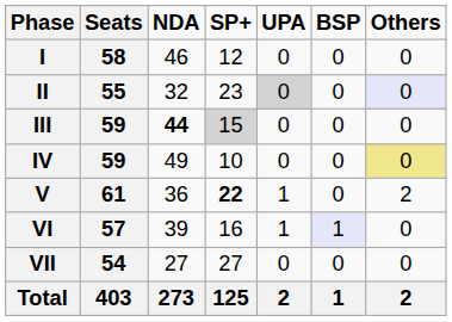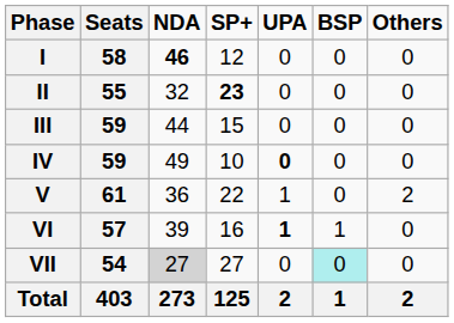 <table class="wikitable sortable" style="text-align:center">
 <tr>
 <th>Phase</th>
 <th>Seats</th>
 <td style="text-align:center; background:"><span><strong>NDA</strong></span></td>
 <td style="text-align:center; background:"><strong>SP+</strong></td>
 <td style="text-align:center; background:"><span><strong>UPA</strong></span></td>
 <td style="text-align:center; background:"><strong>BSP</strong></td>
 <td style="text-align:center; background:"><span><strong>Others</strong></span></td>
 </tr>
 <tr>
 <th>I</th>
 <th>58</th>
-<td style="background:">46</td>
+<td style="background:"><strong>46</strong></td>
 <td>12</td>
 <td>0</td>
 <td>0</td>
 <td>0</td>
 </tr>
 <tr>
 <th>II</th>
 <th>55</th>
 <td style="background:">32</td>
-<td>23</td>
-<td style="background: lightgrey;">0</td>
+<td><strong>23</strong></td>
 <td>0</td>
-<td style="background: lavender;">0</td>
+<td>0</td>
+<td>0</td>
 </tr>
 <tr>
 <th>III</th>
 <th>59</th>
-<td style="background:"><strong>44</strong></td>
-<td style="background: lightgrey;">15</td>
+<td style="background:">44</td>
+<td>15</td>
 <td>0</td>
 <td>0</td>
 <td>0</td>
 </tr>
 <tr>
 <th>IV</th>
 <th>59</th>
 <td style="background:">49</td>
 <td>10</td>
+<td><strong>0</strong></td>
 <td>0</td>
 <td>0</td>
-<td style="background: khaki;">0</td>
 </tr>
 <tr>
 <th>V</th>
 <th>61</th>
 <td style="background:">36</td>
-<td><strong>22</strong></td>
+<td>22</td>
 <td>1</td>
 <td>0</td>
 <td>2</td>
 </tr>
 <tr>
 <th>VI</th>
 <th>57</th>
 <td style="background:">39</td>
 <td>16</td>
+<td><strong>1</strong></td>
 <td>1</td>
-<td style="background: lavender;">1</td>
 <td>0</td>
 </tr>
 <tr>
 <th>VII</th>
 <th>54</th>
-<td>27</td>
+<td style="background: lightgrey;">27</td>
 <td>27</td>
 <td>0</td>
-<td>0</td>
+<td style="background: paleturquoise;">0</td>
 <td>0</td>
 </tr>
 <tr>
 <th>Total</th>
 <th>403</th>
 <th>273</th>
 <th>125</th>
 <th>2</th>
 <th>1</th>
 <th>2</th>
 </tr>
 </table>
